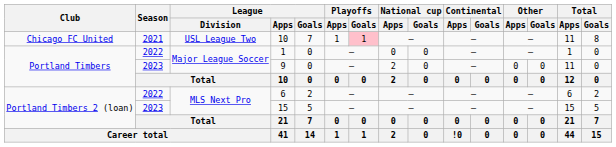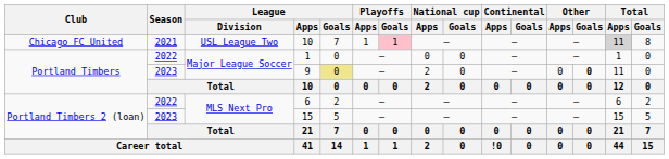 <table class="wikitable" style="text-align:center">
 <tr>
 <th rowspan="2">Club</th>
 <th rowspan="2">Season</th>
 <th colspan="3">League</th>
 <th colspan="2">Playoffs</th>
 <th colspan="2">National cup</th>
 <th colspan="2">Continental</th>
 <th colspan="2">Other</th>
 <th colspan="2">Total</th>
 </tr>
 <tr>
 <th>Division</th>
 <th>Apps</th>
 <th>Goals</th>
 <th>Apps</th>
 <th>Goals</th>
 <th>Apps</th>
 <th>Goals</th>
 <th>Apps</th>
 <th>Goals</th>
 <th>Apps</th>
 <th>Goals</th>
 <th>Apps</th>
 <th>Goals</th>
 </tr>
 <tr>
 <td><a href='#'>Chicago FC United</a></td>
 <td><a href='#'>2021</a></td>
 <td><a href='#'>USL League Two</a></td>
 <td>10</td>
 <td>7</td>
 <td>1</td>
 <td style="background: pink;">1</td>
 <td colspan="2">—</td>
 <td colspan="2">—</td>
 <td colspan="2">—</td>
-<td>11</td>
+<td style="background: lightgrey;">11</td>
 <td>8</td>
 </tr>
 <tr>
 <td rowspan=3><a href='#'>Portland Timbers</a></td>
 <td><a href='#'>2022</a></td>
 <td rowspan=2><a href='#'>Major League Soccer</a></td>
 <td>1</td>
 <td>0</td>
 <td colspan="2">—</td>
 <td>0</td>
 <td>0</td>
 <td colspan="2">—</td>
 <td colspan="2">—</td>
 <td>1</td>
 <td>0</td>
 </tr>
 <tr>
 <td><a href='#'>2023</a></td>
 <td>9</td>
-<td>0</td>
+<td style="background: khaki;">0</td>
 <td colspan="2">—</td>
 <td>2</td>
 <td>0</td>
 <td colspan=2>–</td>
 <td>0</td>
-<td>0</td>
+<td><strong>0</strong></td>
 <td>11</td>
 <td>0</td>
 </tr>
 <tr>
 <th colspan=2>Total</th>
 <th>10</th>
 <th>0</th>
 <th>0</th>
 <th>0</th>
 <th>2</th>
 <th>0</th>
 <th>0</th>
 <th>0</th>
 <th>0</th>
 <th>0</th>
 <th>12</th>
 <th>0</th>
 </tr>
 <tr>
 <td rowspan=3><a href='#'>Portland Timbers 2</a> (loan)</td>
 <td><a href='#'>2022</a></td>
 <td rowspan=2><a href='#'>MLS Next Pro</a></td>
 <td>6</td>
 <td>2</td>
 <td colspan="2">—</td>
 <td colspan="2">—</td>
 <td colspan="2">—</td>
 <td colspan="2">—</td>
 <td>6</td>
 <td>2</td>
 </tr>
 <tr>
 <td><a href='#'>2023</a></td>
 <td>15</td>
 <td>5</td>
 <td colspan="2">—</td>
 <td colspan="2">—</td>
 <td colspan="2">—</td>
 <td colspan="2">—</td>
 <td>15</td>
 <td>5</td>
 </tr>
 <tr>
 <th colspan=2>Total</th>
 <th>21</th>
 <th>7</th>
 <th>0</th>
 <th>0</th>
 <th>0</th>
 <th>0</th>
 <th>0</th>
 <th>0</th>
 <th>0</th>
 <th>0</th>
 <th>21</th>
 <th>7</th>
 </tr>
 <tr>
 <th colspan="3">Career total</th>
 <th>41</th>
 <th>14</th>
 <th>1</th>
 <th>1</th>
 <th>2</th>
 <th>0</th>
 <th>!0</th>
 <th>0</th>
 <th>0</th>
 <th>0</th>
 <th>44</th>
 <th>15</th>
 </tr>
 </table>
